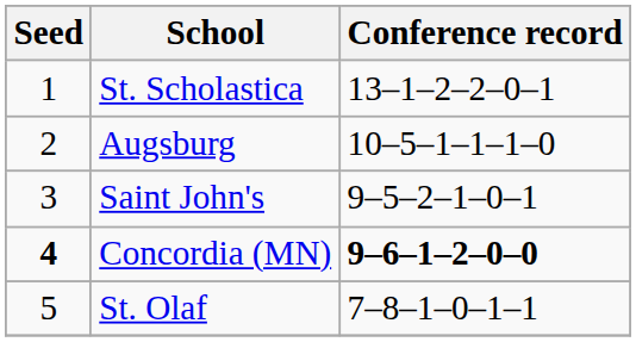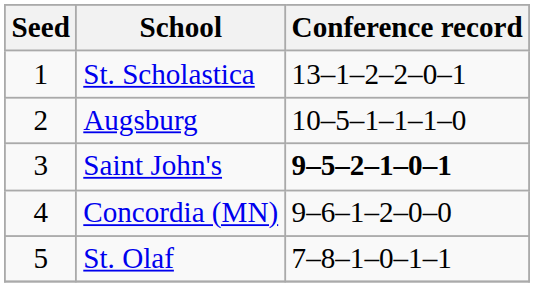 <table class="wikitable">
 <tr>
 <th>Seed</th>
 <th>School</th>
 <th>Conference record</th>
 </tr>
 <tr>
 <td align=center>1</td>
 <td><a href='#'>St. Scholastica</a></td>
 <td>13–1–2–2–0–1</td>
 </tr>
 <tr>
 <td align=center>2</td>
 <td><a href='#'>Augsburg</a></td>
 <td>10–5–1–1–1–0</td>
 </tr>
 <tr>
 <td align=center>3</td>
 <td><a href='#'>Saint John's</a></td>
-<td>9–5–2–1–0–1</td>
+<td><strong>9–5–2–1–0–1</strong></td>
 </tr>
 <tr>
-<td align=center><strong>4</strong></td>
+<td align=center>4</td>
 <td><a href='#'>Concordia (MN)</a></td>
-<td><strong>9–6–1–2–0–0</strong></td>
+<td>9–6–1–2–0–0</td>
 </tr>
 <tr>
 <td align=center>5</td>
 <td><a href='#'>St. Olaf</a></td>
 <td>7–8–1–0–1–1</td>
 </tr>
 <tr>
 </tr>
 </table>
